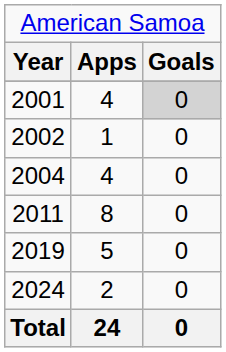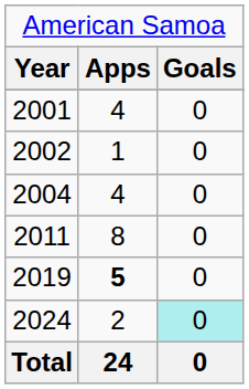 <table class="wikitable" style="text-align:center">
 <tr>
 <td colspan=3><a href='#'>American Samoa</a></td>
 </tr>
 <tr>
 <th>Year</th>
 <th>Apps</th>
 <th>Goals</th>
 </tr>
 <tr>
 </tr>
 <tr>
 <td>2001</td>
 <td>4</td>
-<td style="background: lightgrey;">0</td>
+<td>0</td>
 </tr>
 <tr>
 <td>2002</td>
 <td>1</td>
 <td>0</td>
 </tr>
 <tr>
 <td>2004</td>
 <td>4</td>
 <td>0</td>
 </tr>
 <tr>
 <td>2011</td>
 <td>8</td>
 <td>0</td>
 </tr>
 <tr>
 <td>2019</td>
-<td>5</td>
+<td><strong>5</strong></td>
 <td>0</td>
 </tr>
 <tr>
 <td>2024</td>
 <td>2</td>
-<td>0</td>
+<td style="background: paleturquoise;">0</td>
 </tr>
 <tr>
 <th>Total</th>
 <th>24</th>
 <th>0</th>
 </tr>
 </table>
